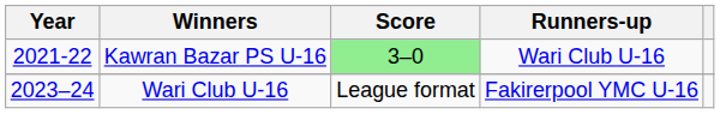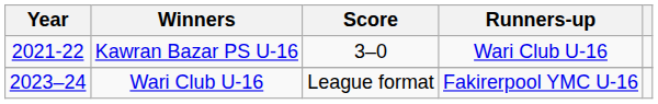 <table class="wikitable" style="text-align: center;">
 <tr>
 <th>Year</th>
 <th>Winners</th>
 <th>Score</th>
 <th>Runners-up</th>
 <th></th>
 </tr>
 <tr>
 <td><a href='#'>2021-22</a></td>
 <td><a href='#'>Kawran Bazar PS U-16</a></td>
-<td style="background: lightgreen;">3–0</td>
+<td>3–0</td>
 <td><a href='#'>Wari Club U-16</a></td>
 <td></td>
 </tr>
 <tr>
 </tr>
 <tr>
 <td><a href='#'>2023–24</a></td>
 <td><a href='#'>Wari Club U-16</a></td>
 <td>League format</td>
 <td><a href='#'>Fakirerpool YMC U-16</a></td>
 <td></td>
 </tr>
 </table>
